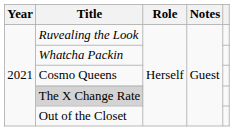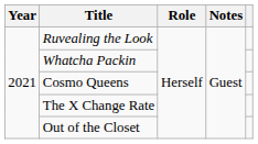 <table class="wikitable plainrowheaders sortable">
 <tr>
 <th scope="col">Year</th>
 <th scope="col">Title</th>
 <th scope="col">Role</th>
 <th scope="col">Notes</th>
 <th class="unsortable" style="text-align: center;"></th>
 </tr>
 <tr>
 <td rowspan="5">2021</td>
 <td><em>Ruvealing the Look</em></td>
 <td rowspan="5">Herself</td>
 <td rowspan="5">Guest</td>
 <td style="text-align: center;"></td>
 </tr>
 <tr>
 <td><em>Whatcha Packin<strong></td>
 <td style="text-align: center;"></td>
 </tr>
 <tr>
 <td></em>Cosmo Queens<em></td>
 <td style="text-align: center;"></td>
 </tr>
 <tr>
-<td style="background: lightgrey;"></em>The X Change Rate<em></td>
+<td></em>The X Change Rate<em></td>
 <td style="text-align: center;"></td>
 </tr>
 <tr>
 <td></em>Out of the Closet<em></td>
 <td style="text-align: center;"></td>
 </tr>
 </table>
